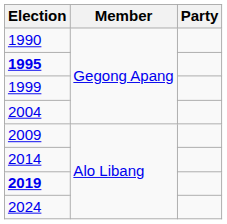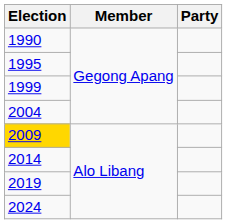 <table class="wikitable sortable">
 <tr>
 <th>Election</th>
 <th>Member</th>
 <th colspan=2>Party</th>
 </tr>
 <tr>
 <td><a href='#'>1990</a></td>
 <td rowspan=4><a href='#'>Gegong Apang</a></td>
 <td></td>
 </tr>
 <tr>
-<td><strong><a href='#'>1995</a></strong></td>
+<td><a href='#'>1995</a></td>
 </tr>
 <tr>
 <td><a href='#'>1999</a></td>
 <td></td>
 </tr>
 <tr>
 <td><a href='#'>2004</a></td>
 <td></td>
 </tr>
 <tr>
-<td><a href='#'>2009</a></td>
+<td style="background: gold;"><a href='#'>2009</a></td>
 <td rowspan=4><a href='#'>Alo Libang</a></td>
 <td></td>
 </tr>
 <tr>
 <td><a href='#'>2014</a></td>
 <td></td>
 </tr>
 <tr>
-<td><strong><a href='#'>2019</a></strong></td>
+<td><a href='#'>2019</a></td>
 <td></td>
 </tr>
 <tr>
 <td><a href='#'>2024</a></td>
 </tr>
 </table>
